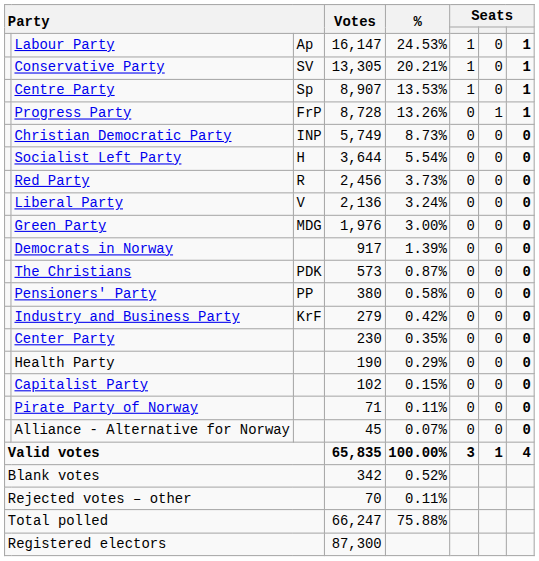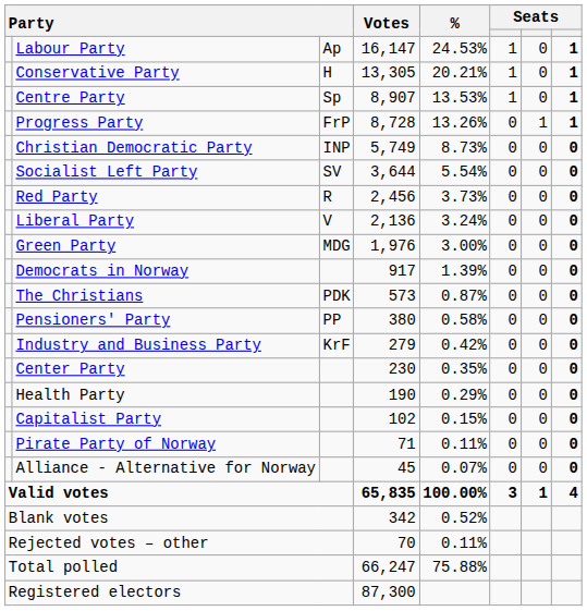 <table class="wikitable" border="1" style="text-align:right;">
 <tr>
 <th style="text-align:left;" valign=bottom rowspan=2 colspan=3>Party</th>
 <th align=center valign=bottom rowspan=2 width="50">Votes</th>
 <th align=center valign=bottom rowspan=2 width="50">%</th>
 <th colspan=3>Seats</th>
 </tr>
 <tr>
 <th align=center valign=bottom width="20"><small></small></th>
 <th align=center valign=bottom width="20"><small><a href='#'></a></small></th>
 <th align=center valign=bottom width="20"><small></small></th>
 </tr>
 <tr>
 <td style="color:inherit;background:"></td>
 <td align=left><a href='#'>Labour Party</a></td>
 <td align=left>Ap</td>
 <td>16,147</td>
 <td>24.53%</td>
 <td>1</td>
 <td>0</td>
 <td><strong>1</strong></td>
 </tr>
 <tr>
 <td style="color:inherit;background:"></td>
 <td align=left><a href='#'>Conservative Party</a></td>
-<td align=left>SV</td>
+<td align=left>H</td>
 <td>13,305</td>
 <td>20.21%</td>
 <td>1</td>
 <td>0</td>
 <td><strong>1</strong></td>
 </tr>
 <tr>
 <td style="color:inherit;background:"></td>
 <td align=left><a href='#'>Centre Party</a></td>
 <td align=left>Sp</td>
 <td>8,907</td>
 <td>13.53%</td>
 <td>1</td>
 <td>0</td>
 <td><strong>1</strong></td>
 </tr>
 <tr>
 <td style="color:inherit;background:"></td>
 <td align=left><a href='#'>Progress Party</a></td>
 <td align=left>FrP</td>
 <td>8,728</td>
 <td>13.26%</td>
 <td>0</td>
 <td>1</td>
 <td><strong>1</strong></td>
 </tr>
 <tr>
 <td style="color:inherit;background:"></td>
 <td align=left><a href='#'>Christian Democratic Party</a></td>
 <td align=left>INP</td>
 <td>5,749</td>
 <td>8.73%</td>
 <td>0</td>
 <td>0</td>
 <td><strong>0</strong></td>
 </tr>
 <tr>
 <td style="color:inherit;background:"></td>
 <td align=left><a href='#'>Socialist Left Party</a></td>
-<td align=left>H</td>
+<td align=left>SV</td>
 <td>3,644</td>
 <td>5.54%</td>
 <td>0</td>
 <td>0</td>
 <td><strong>0</strong></td>
 </tr>
 <tr>
 <td style="color:inherit;background:"></td>
 <td align=left><a href='#'>Red Party</a></td>
 <td align=left>R</td>
 <td>2,456</td>
 <td>3.73%</td>
 <td>0</td>
 <td>0</td>
 <td><strong>0</strong></td>
 </tr>
 <tr>
 <td style="color:inherit;background:"></td>
 <td align=left><a href='#'>Liberal Party</a></td>
 <td align=left>V</td>
 <td>2,136</td>
 <td>3.24%</td>
 <td>0</td>
 <td>0</td>
 <td><strong>0</strong></td>
 </tr>
 <tr>
 <td style="color:inherit;background:"></td>
 <td align=left><a href='#'>Green Party</a></td>
 <td align=left>MDG</td>
 <td>1,976</td>
 <td>3.00%</td>
 <td>0</td>
 <td>0</td>
 <td><strong>0</strong></td>
 </tr>
 <tr>
 <td style="color:inherit;background:"></td>
 <td align=left><a href='#'>Democrats in Norway</a></td>
 <td align=left></td>
 <td>917</td>
 <td>1.39%</td>
 <td>0</td>
 <td>0</td>
 <td><strong>0</strong></td>
 </tr>
 <tr>
 <td style="color:inherit;background:"></td>
 <td align=left><a href='#'>The Christians</a></td>
 <td align=left>PDK</td>
 <td>573</td>
 <td>0.87%</td>
 <td>0</td>
 <td>0</td>
 <td><strong>0</strong></td>
 </tr>
 <tr>
 <td style="color:inherit;background:"></td>
 <td align=left><a href='#'>Pensioners' Party</a></td>
 <td align=left>PP</td>
 <td>380</td>
 <td>0.58%</td>
 <td>0</td>
 <td>0</td>
 <td><strong>0</strong></td>
 </tr>
 <tr>
 <td style="color:inherit;background:"></td>
 <td align=left><a href='#'>Industry and Business Party</a></td>
 <td align=left>KrF</td>
 <td>279</td>
 <td>0.42%</td>
 <td>0</td>
 <td>0</td>
 <td><strong>0</strong></td>
 </tr>
 <tr>
 <td style="color:inherit;background:"></td>
 <td align=left><a href='#'>Center Party</a></td>
 <td align=left></td>
 <td>230</td>
 <td>0.35%</td>
 <td>0</td>
 <td>0</td>
 <td><strong>0</strong></td>
 </tr>
 <tr>
 <td></td>
 <td align=left>Health Party</td>
 <td align=left></td>
 <td>190</td>
 <td>0.29%</td>
 <td>0</td>
 <td>0</td>
 <td><strong>0</strong></td>
 </tr>
 <tr>
 <td style="color:inherit;background:"></td>
 <td align=left><a href='#'>Capitalist Party</a></td>
 <td align=left></td>
 <td>102</td>
 <td>0.15%</td>
 <td>0</td>
 <td>0</td>
 <td><strong>0</strong></td>
 </tr>
 <tr>
 <td style="color:inherit;background:"></td>
 <td align=left><a href='#'>Pirate Party of Norway</a></td>
 <td align=left></td>
 <td>71</td>
 <td>0.11%</td>
 <td>0</td>
 <td>0</td>
 <td><strong>0</strong></td>
 </tr>
 <tr>
 <td></td>
 <td align=left>Alliance - Alternative for Norway</td>
 <td align=left></td>
 <td>45</td>
 <td>0.07%</td>
 <td>0</td>
 <td>0</td>
 <td><strong>0</strong></td>
 </tr>
 <tr style="font-weight:bold">
 <td align=left colspan=3>Valid votes</td>
 <td>65,835</td>
 <td>100.00%</td>
 <td>3</td>
 <td>1</td>
 <td>4</td>
 </tr>
 <tr>
 <td align=left colspan=3>Blank votes</td>
 <td>342</td>
 <td>0.52%</td>
 <td></td>
 <td></td>
 <td></td>
 </tr>
 <tr>
 <td align=left colspan=3>Rejected votes – other</td>
 <td>70</td>
 <td>0.11%</td>
 <td></td>
 <td></td>
 <td></td>
 </tr>
 <tr>
 <td align=left colspan=3>Total polled</td>
 <td>66,247</td>
 <td>75.88%</td>
 <td></td>
 <td></td>
 <td></td>
 </tr>
 <tr>
 <td align=left colspan=3>Registered electors</td>
 <td>87,300</td>
 <td></td>
 <td></td>
 <td></td>
 <td></td>
 </tr>
 </table>
